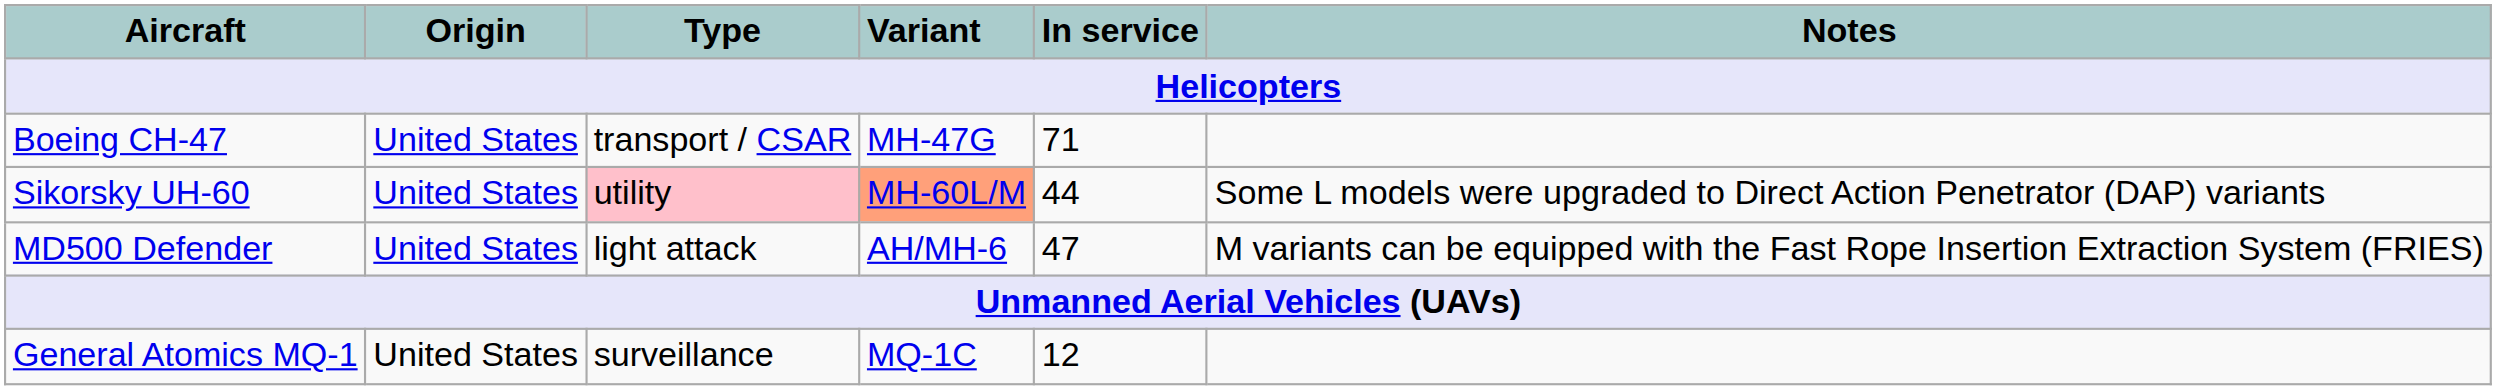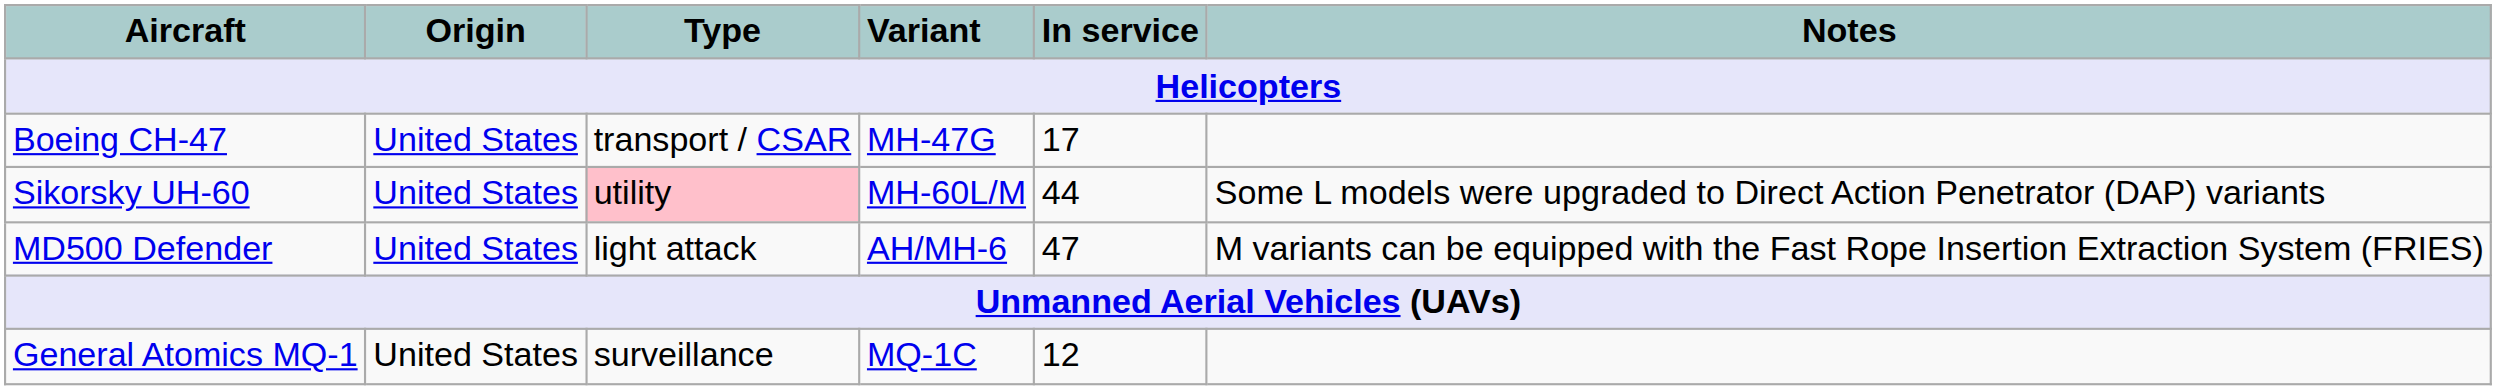 <table class="wikitable">
 <tr>
 <th style="text-align:center; background:#acc;">Aircraft</th>
 <th style="text-align: center; background:#acc;">Origin</th>
 <th style="text-align:l center; background:#acc;">Type</th>
 <th style="text-align:left; background:#acc;">Variant</th>
 <th style="text-align:center; background:#acc;">In service</th>
 <th style="text-align:center; background:#acc;">Notes</th>
 </tr>
 <tr>
 <th style="align: center; background: lavender;" colspan="6"><a href='#'>Helicopters</a></th>
 </tr>
 <tr>
 <td><a href='#'>Boeing CH-47</a></td>
 <td><a href='#'>United States</a></td>
 <td>transport / <a href='#'>CSAR</a></td>
 <td><a href='#'>MH-47G</a></td>
-<td>71</td>
+<td>17</td>
 <td></td>
 </tr>
 <tr>
 <td><a href='#'>Sikorsky UH-60</a></td>
 <td><a href='#'>United States</a></td>
 <td style="background: pink;">utility</td>
-<td style="background: lightsalmon;"><a href='#'>MH-60L/M</a></td>
+<td><a href='#'>MH-60L/M</a></td>
 <td>44</td>
 <td>Some L models were upgraded to Direct Action Penetrator (DAP) variants</td>
 </tr>
 <tr>
 <td><a href='#'>MD500 Defender</a></td>
 <td><a href='#'>United States</a></td>
 <td>light attack</td>
 <td><a href='#'>AH/MH-6</a></td>
 <td>47</td>
 <td>M variants can be equipped with the Fast Rope Insertion Extraction System (FRIES)</td>
 </tr>
 <tr>
 <th style="align: center; background: lavender;" colspan="6"><a href='#'>Unmanned Aerial Vehicles</a> (UAVs)</th>
 </tr>
 <tr>
 <td><a href='#'>General Atomics MQ-1</a></td>
 <td>United States</td>
 <td>surveillance</td>
 <td><a href='#'>MQ-1C</a></td>
 <td>12</td>
 <td></td>
 </tr>
 </table>
